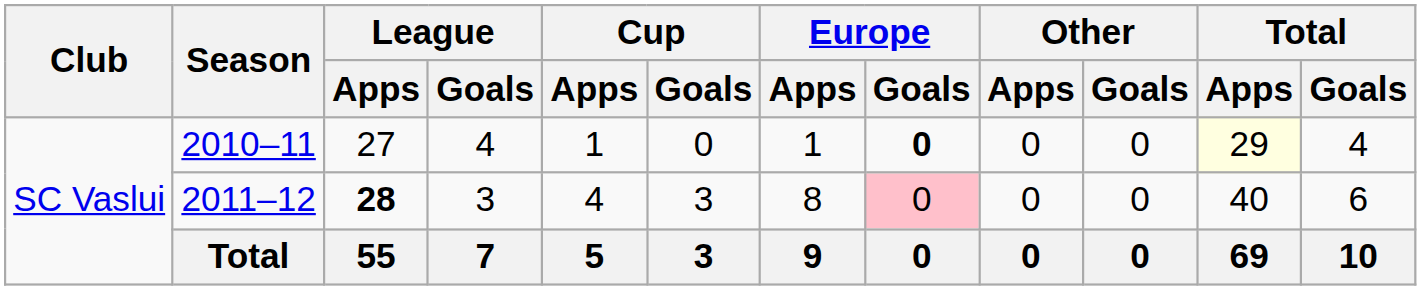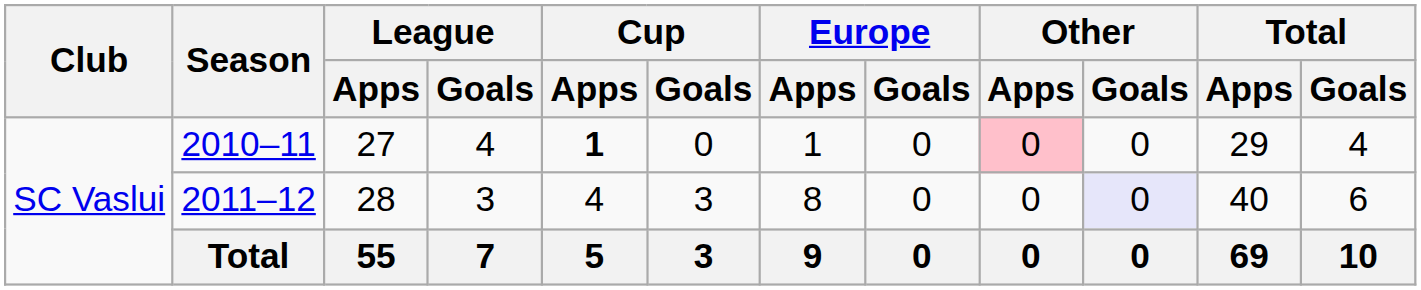 <table class="wikitable" style="text-align: center;">
 <tr>
 <th rowspan="2">Club</th>
 <th rowspan="2">Season</th>
 <th colspan="2">League</th>
 <th colspan="2">Cup</th>
 <th colspan="2"><a href='#'>Europe</a></th>
 <th colspan="2">Other</th>
 <th colspan="2">Total</th>
 </tr>
 <tr>
 <th>Apps</th>
 <th>Goals</th>
 <th>Apps</th>
 <th>Goals</th>
 <th>Apps</th>
 <th>Goals</th>
 <th>Apps</th>
 <th>Goals</th>
 <th>Apps</th>
 <th>Goals</th>
 </tr>
 <tr>
 <td rowspan="3"><a href='#'>SC Vaslui</a></td>
 <td><a href='#'>2010–11</a></td>
 <td>27</td>
 <td>4</td>
+<td><strong>1</strong></td>
+<td>0</td>
 <td>1</td>
 <td>0</td>
-<td>1</td>
-<td><strong>0</strong></td>
+<td style="background: pink;">0</td>
 <td>0</td>
-<td>0</td>
-<td style="background: lightyellow;">29</td>
+<td>29</td>
 <td>4</td>
 </tr>
 <tr>
 <td><a href='#'>2011–12</a></td>
-<td><strong>28</strong></td>
+<td>28</td>
 <td>3</td>
 <td>4</td>
 <td>3</td>
 <td>8</td>
-<td style="background: pink;">0</td>
 <td>0</td>
 <td>0</td>
+<td style="background: lavender;">0</td>
 <td>40</td>
 <td>6</td>
 </tr>
 <tr>
 <th>Total</th>
 <th>55</th>
 <th>7</th>
 <th>5</th>
 <th>3</th>
 <th>9</th>
 <th>0</th>
 <th>0</th>
 <th>0</th>
 <th>69</th>
 <th>10</th>
 </tr>
 </table>
